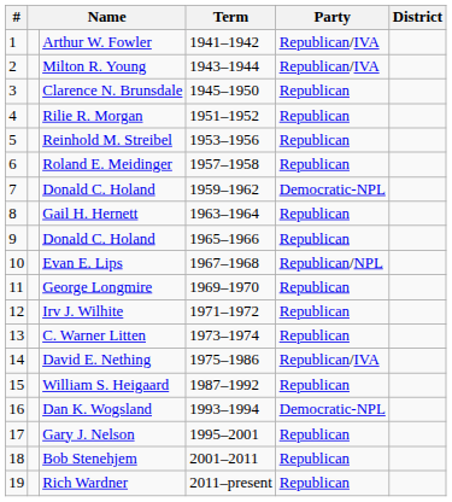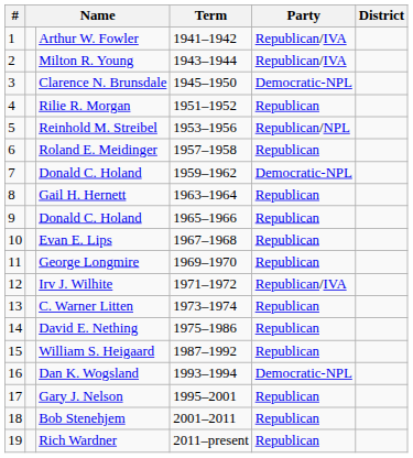 <table class=wikitable>
 <tr>
 <th>#</th>
 <th colspan="2">Name</th>
 <th>Term</th>
 <th>Party</th>
 <th>District</th>
 </tr>
 <tr>
 <td>1</td>
 <td style="background-color: "> </td>
 <td><a href='#'>Arthur W. Fowler</a></td>
 <td>1941–1942</td>
 <td><a href='#'>Republican</a>/<a href='#'>IVA</a></td>
 <td></td>
 </tr>
 <tr>
 <td>2</td>
 <td style="background-color: "> </td>
 <td><a href='#'>Milton R. Young</a></td>
 <td>1943–1944</td>
 <td><a href='#'>Republican</a>/<a href='#'>IVA</a></td>
 <td></td>
 </tr>
 <tr>
 <td>3</td>
 <td style="background-color: "> </td>
 <td><a href='#'>Clarence N. Brunsdale</a></td>
 <td>1945–1950</td>
-<td><a href='#'>Republican</a></td>
+<td><a href='#'>Democratic-NPL</a></td>
 <td></td>
 </tr>
 <tr>
 <td>4</td>
 <td style="background-color: "> </td>
 <td><a href='#'>Rilie R. Morgan</a></td>
 <td>1951–1952</td>
 <td><a href='#'>Republican</a></td>
 <td></td>
 </tr>
 <tr>
 <td>5</td>
 <td style="background-color: "> </td>
 <td><a href='#'>Reinhold M. Streibel</a></td>
 <td>1953–1956</td>
-<td><a href='#'>Republican</a></td>
+<td><a href='#'>Republican</a>/<a href='#'>NPL</a></td>
 <td></td>
 </tr>
 <tr>
 <td>6</td>
 <td style="background-color: "> </td>
 <td><a href='#'>Roland E. Meidinger</a></td>
 <td>1957–1958</td>
 <td><a href='#'>Republican</a></td>
 <td></td>
 </tr>
 <tr>
 <td>7</td>
 <td style="background-color: "> </td>
 <td><a href='#'>Donald C. Holand</a></td>
 <td>1959–1962</td>
 <td><a href='#'>Democratic-NPL</a></td>
 <td></td>
 </tr>
 <tr>
 <td>8</td>
 <td style="background-color: "> </td>
 <td><a href='#'>Gail H. Hernett</a></td>
 <td>1963–1964</td>
 <td><a href='#'>Republican</a></td>
 <td></td>
 </tr>
 <tr>
 <td>9</td>
 <td style="background-color: "> </td>
 <td><a href='#'>Donald C. Holand</a></td>
 <td>1965–1966</td>
 <td><a href='#'>Republican</a></td>
 <td></td>
 </tr>
 <tr>
 <td>10</td>
 <td style="background-color: "> </td>
 <td><a href='#'>Evan E. Lips</a></td>
 <td>1967–1968</td>
-<td><a href='#'>Republican</a>/<a href='#'>NPL</a></td>
+<td><a href='#'>Republican</a></td>
 <td></td>
 </tr>
 <tr>
 <td>11</td>
 <td style="background-color: "> </td>
 <td><a href='#'>George Longmire</a></td>
 <td>1969–1970</td>
 <td><a href='#'>Republican</a></td>
 <td></td>
 </tr>
 <tr>
 <td>12</td>
 <td style="background-color: "> </td>
 <td><a href='#'>Irv J. Wilhite</a></td>
 <td>1971–1972</td>
-<td><a href='#'>Republican</a></td>
+<td><a href='#'>Republican</a>/<a href='#'>IVA</a></td>
 <td></td>
 </tr>
 <tr>
 <td>13</td>
 <td style="background-color: "> </td>
 <td><a href='#'>C. Warner Litten</a></td>
 <td>1973–1974</td>
 <td><a href='#'>Republican</a></td>
 <td></td>
 </tr>
 <tr>
 <td>14</td>
 <td style="background-color: "> </td>
 <td><a href='#'>David E. Nething</a></td>
 <td>1975–1986</td>
-<td><a href='#'>Republican</a>/<a href='#'>IVA</a></td>
+<td><a href='#'>Republican</a></td>
 <td></td>
 </tr>
 <tr>
 <td>15</td>
 <td style="background-color: "> </td>
 <td><a href='#'>William S. Heigaard</a></td>
 <td>1987–1992</td>
 <td><a href='#'>Republican</a></td>
 <td></td>
 </tr>
 <tr>
 <td>16</td>
 <td style="background-color: "> </td>
 <td><a href='#'>Dan K. Wogsland</a></td>
 <td>1993–1994</td>
 <td><a href='#'>Democratic-NPL</a></td>
 <td></td>
 </tr>
 <tr>
 <td>17</td>
 <td style="background-color: "> </td>
 <td><a href='#'>Gary J. Nelson</a></td>
 <td>1995–2001</td>
 <td><a href='#'>Republican</a></td>
 <td></td>
 </tr>
 <tr>
 <td>18</td>
 <td style="background-color: "> </td>
 <td><a href='#'>Bob Stenehjem</a></td>
 <td>2001–2011</td>
 <td><a href='#'>Republican</a></td>
 <td></td>
 </tr>
 <tr>
 <td>19</td>
 <td style="background-color: "> </td>
 <td><a href='#'>Rich Wardner</a></td>
 <td>2011–present</td>
 <td><a href='#'>Republican</a></td>
 <td></td>
 </tr>
 </table>
